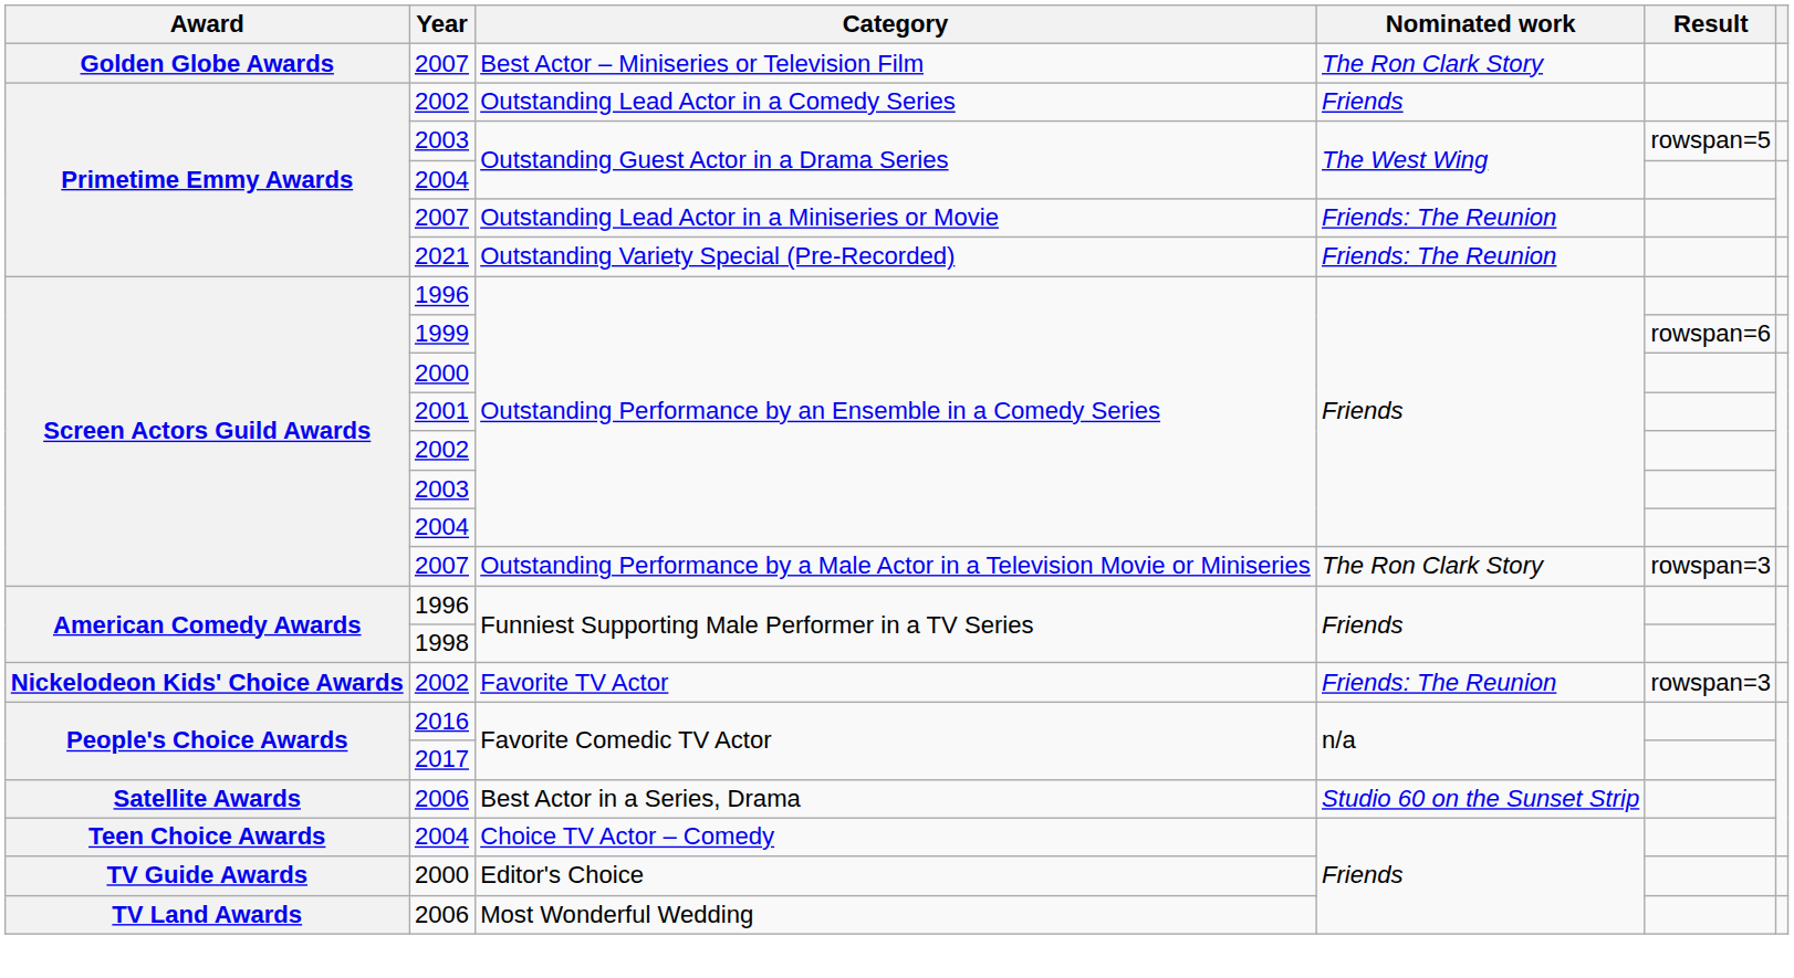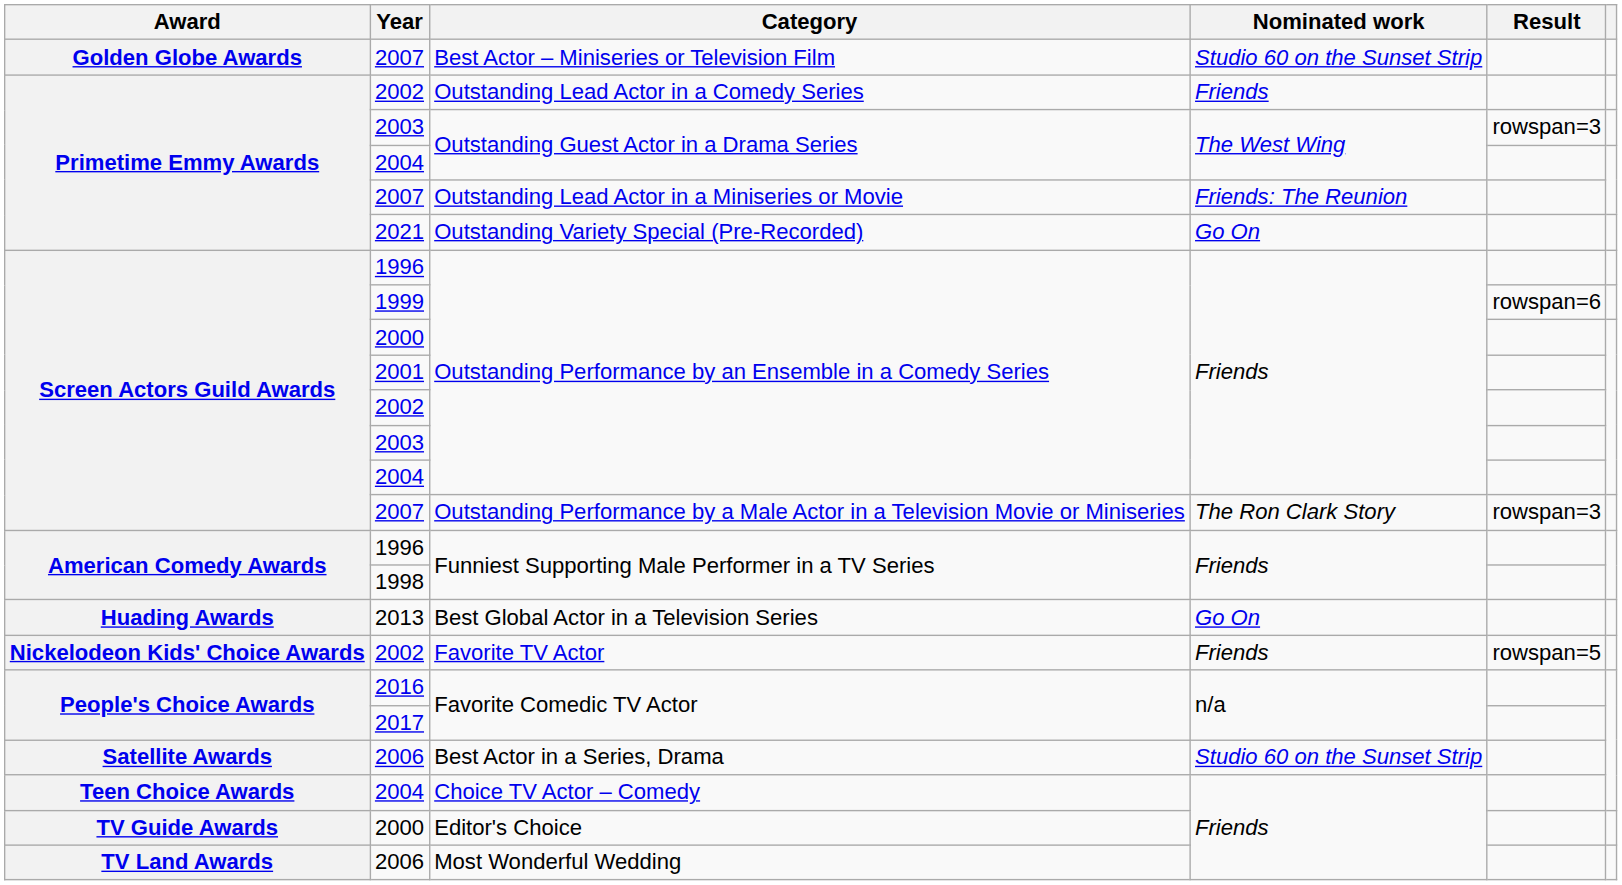 <table class="wikitable sortable plainrowheaders">
 <tr>
 <th scope="col">Award</th>
 <th scope="col">Year</th>
 <th scope="col">Category</th>
 <th scope="col">Nominated work</th>
 <th scope="col">Result</th>
 <th scope="col" class="unsortable"></th>
 </tr>
 <tr>
 <th scope="row"><a href='#'>Golden Globe Awards</a></th>
 <td><a href='#'>2007</a></td>
 <td><a href='#'>Best Actor – Miniseries or Television Film</a></td>
-<td><em><a href='#'>The Ron Clark Story</a></em></td>
+<td><em><a href='#'>Studio 60 on the Sunset Strip</a></em></td>
 <td></td>
 <td align="center"></td>
 </tr>
 <tr>
 <th scope="row" rowspan=5><a href='#'>Primetime Emmy Awards</a></th>
 <td><a href='#'>2002</a></td>
 <td><a href='#'>Outstanding Lead Actor in a Comedy Series</a></td>
 <td><em><a href='#'>Friends</a></em></td>
 <td></td>
 <td align="center"></td>
 </tr>
 <tr>
 <td><a href='#'>2003</a></td>
 <td rowspan=2><a href='#'>Outstanding Guest Actor in a Drama Series</a></td>
 <td rowspan=2><em><a href='#'>The West Wing</a></em></td>
-<td>rowspan=5 </td>
+<td>rowspan=3 </td>
 <td align="center"></td>
 </tr>
 <tr>
 <td><a href='#'>2004</a></td>
 <td align="center"></td>
 </tr>
 <tr>
 <td><a href='#'>2007</a></td>
 <td><a href='#'>Outstanding Lead Actor in a Miniseries or Movie</a></td>
 <td><em><a href='#'>Friends: The Reunion</a></em></td>
 <td align="center"></td>
 </tr>
 <tr>
 <td><a href='#'>2021</a></td>
 <td><a href='#'>Outstanding Variety Special (Pre-Recorded)</a></td>
-<td><em><a href='#'>Friends: The Reunion</a></em></td>
+<td><em><a href='#'>Go On</a></em></td>
 <td></td>
 <td align="center"></td>
 </tr>
 <tr>
 <th scope="row" rowspan=8><a href='#'>Screen Actors Guild Awards</a></th>
 <td><a href='#'>1996</a></td>
 <td rowspan=7><a href='#'>Outstanding Performance by an Ensemble in a Comedy Series</a></td>
 <td rowspan=7><em>Friends</em></td>
 <td></td>
 <td align="center"></td>
 </tr>
 <tr>
 <td><a href='#'>1999</a></td>
 <td>rowspan=6 </td>
 <td align="center"></td>
 </tr>
 <tr>
 <td><a href='#'>2000</a></td>
 <td align="center"></td>
 </tr>
 <tr>
 <td><a href='#'>2001</a></td>
 <td align="center"></td>
 </tr>
 <tr>
 <td><a href='#'>2002</a></td>
 <td align="center"></td>
 </tr>
 <tr>
 <td><a href='#'>2003</a></td>
 <td align="center"></td>
 </tr>
 <tr>
 <td><a href='#'>2004</a></td>
 <td align="center"></td>
 </tr>
 <tr>
 <td><a href='#'>2007</a></td>
 <td><a href='#'>Outstanding Performance by a Male Actor in a Television Movie or Miniseries</a></td>
 <td><em>The Ron Clark Story</em></td>
 <td>rowspan=3 </td>
 <td align="center"></td>
 </tr>
 <tr>
 <th scope="row" rowspan=2><a href='#'>American Comedy Awards</a></th>
 <td>1996</td>
 <td rowspan=2>Funniest Supporting Male Performer in a TV Series</td>
 <td rowspan=2><em>Friends</em></td>
 <td align="center"></td>
 </tr>
 <tr>
 <td>1998</td>
 <td></td>
 </tr>
 <tr>
+<th scope="row"><a href='#'>Huading Awards</a></th>
+<td>2013</td>
+<td>Best Global Actor in a Television Series</td>
+<td><em><a href='#'>Go On</a></em></td>
+<td></td>
+<td align="center"></td>
+</tr>
+<tr>
 <th scope="row"><a href='#'>Nickelodeon Kids' Choice Awards</a></th>
 <td><a href='#'>2002</a></td>
 <td><a href='#'>Favorite TV Actor</a></td>
-<td><em><a href='#'>Friends: The Reunion</a></em></td>
-<td>rowspan=3 </td>
+<td><em>Friends</em></td>
+<td>rowspan=5 </td>
 <td align="center"></td>
 </tr>
 <tr>
 <th scope="row" rowspan=2><a href='#'>People's Choice Awards</a></th>
 <td><a href='#'>2016</a></td>
 <td rowspan=2>Favorite Comedic TV Actor</td>
 <td rowspan=2>n/a</td>
 <td align="center"></td>
 </tr>
 <tr>
 <td><a href='#'>2017</a></td>
 <td align="center"></td>
 </tr>
 <tr>
 <th scope="row"><a href='#'>Satellite Awards</a></th>
 <td><a href='#'>2006</a></td>
 <td>Best Actor in a Series, Drama</td>
 <td><em><a href='#'>Studio 60 on the Sunset Strip</a></em></td>
 <td align="center"></td>
 </tr>
 <tr>
 <th scope="row"><a href='#'>Teen Choice Awards</a></th>
 <td><a href='#'>2004</a></td>
 <td><a href='#'>Choice TV Actor – Comedy</a></td>
 <td rowspan=3><em>Friends</em></td>
 <td align="center"></td>
 </tr>
 <tr>
 <th scope="row"><a href='#'>TV Guide Awards</a></th>
 <td>2000</td>
 <td>Editor's Choice</td>
 <td></td>
 <td></td>
 </tr>
 <tr>
 <th scope="row"><a href='#'>TV Land Awards</a></th>
 <td>2006</td>
 <td>Most Wonderful Wedding</td>
 <td></td>
 <td></td>
 </tr>
 </table>
